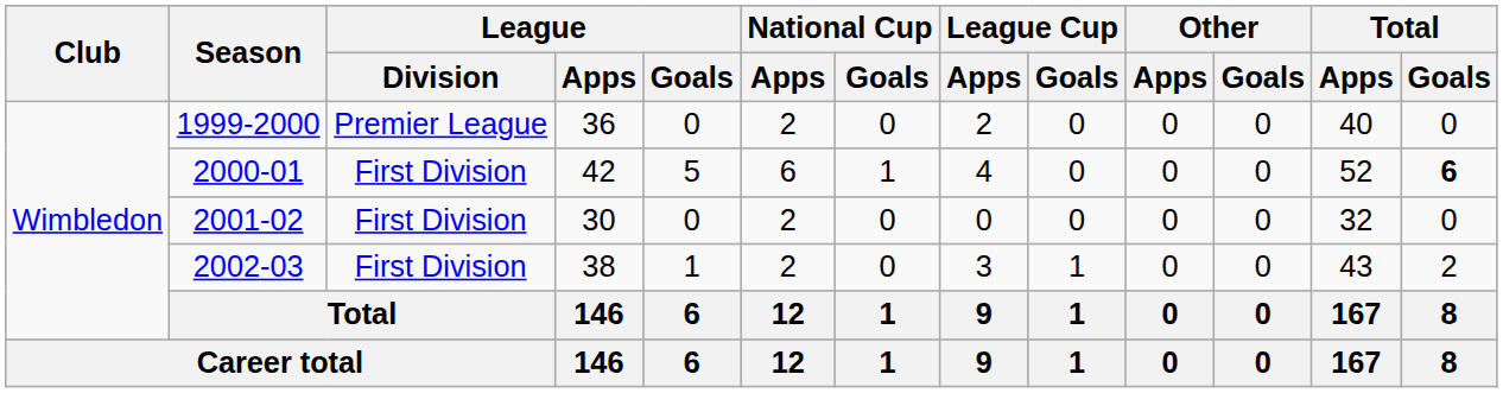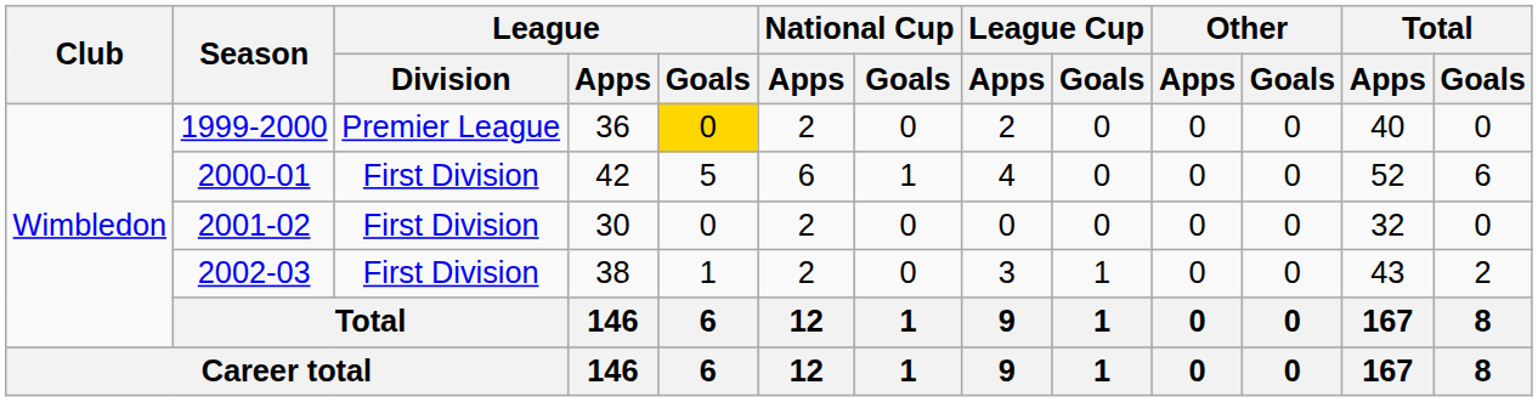 <table class="wikitable" style="text-align: center">
 <tr>
 <th rowspan="2">Club</th>
 <th rowspan="2">Season</th>
 <th colspan="3">League</th>
 <th colspan="2">National Cup</th>
 <th colspan="2">League Cup</th>
 <th colspan="2">Other</th>
 <th colspan="2">Total</th>
 </tr>
 <tr>
 <th>Division</th>
 <th>Apps</th>
 <th>Goals</th>
 <th>Apps</th>
 <th>Goals</th>
 <th>Apps</th>
 <th>Goals</th>
 <th>Apps</th>
 <th>Goals</th>
 <th>Apps</th>
 <th>Goals</th>
 </tr>
 <tr>
 <td rowspan="5"><a href='#'>Wimbledon</a></td>
 <td><a href='#'>1999-2000</a></td>
 <td><a href='#'>Premier League</a></td>
 <td>36</td>
-<td>0</td>
+<td style="background: gold;">0</td>
 <td>2</td>
 <td>0</td>
 <td>2</td>
 <td>0</td>
 <td>0</td>
 <td>0</td>
 <td>40</td>
 <td>0</td>
 </tr>
 <tr>
 <td><a href='#'>2000-01</a></td>
 <td><a href='#'>First Division</a></td>
 <td>42</td>
 <td>5</td>
 <td>6</td>
 <td>1</td>
 <td>4</td>
 <td>0</td>
 <td>0</td>
 <td>0</td>
 <td>52</td>
-<td><strong>6</strong></td>
+<td>6</td>
 </tr>
 <tr>
 <td><a href='#'>2001-02</a></td>
 <td><a href='#'>First Division</a></td>
 <td>30</td>
 <td>0</td>
 <td>2</td>
 <td>0</td>
 <td>0</td>
 <td>0</td>
 <td>0</td>
 <td>0</td>
 <td>32</td>
 <td>0</td>
 </tr>
 <tr>
 <td><a href='#'>2002-03</a></td>
 <td><a href='#'>First Division</a></td>
 <td>38</td>
 <td>1</td>
 <td>2</td>
 <td>0</td>
 <td>3</td>
 <td>1</td>
 <td>0</td>
 <td>0</td>
 <td>43</td>
 <td>2</td>
 </tr>
 <tr>
 <th colspan="2">Total</th>
 <th>146</th>
 <th>6</th>
 <th>12</th>
 <th>1</th>
 <th>9</th>
 <th>1</th>
 <th>0</th>
 <th>0</th>
 <th>167</th>
 <th>8</th>
 </tr>
 <tr>
 <th colspan="3">Career total</th>
 <th>146</th>
 <th>6</th>
 <th>12</th>
 <th>1</th>
 <th>9</th>
 <th>1</th>
 <th>0</th>
 <th>0</th>
 <th>167</th>
 <th>8</th>
 </tr>
 </table>
